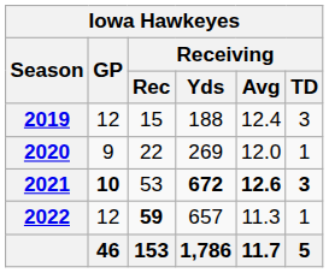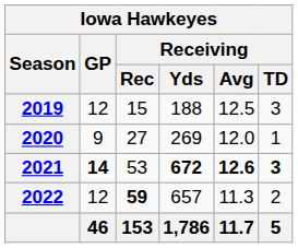 <table class=wikitable style="text-align:center;">
 <tr>
 <th colspan="6">Iowa Hawkeyes</th>
 </tr>
 <tr>
 <th rowspan="2">Season</th>
 <th rowspan="2">GP</th>
 <th colspan="4">Receiving</th>
 </tr>
 <tr>
 <th>Rec</th>
 <th>Yds</th>
 <th>Avg</th>
 <th>TD</th>
 </tr>
 <tr>
 <th><a href='#'>2019</a></th>
 <td>12</td>
 <td>15</td>
 <td>188</td>
-<td>12.4</td>
+<td>12.5</td>
 <td>3</td>
 </tr>
 <tr>
 <th><a href='#'>2020</a></th>
 <td>9</td>
-<td>22</td>
+<td>27</td>
 <td>269</td>
 <td>12.0</td>
 <td>1</td>
 </tr>
 <tr>
 <th><a href='#'>2021</a></th>
-<td><strong>10</strong></td>
+<td><strong>14</strong></td>
 <td>53</td>
 <td><strong>672</strong></td>
 <td><strong>12.6</strong></td>
 <td><strong>3</strong></td>
 </tr>
 <tr>
 <th><a href='#'>2022</a></th>
 <td>12</td>
 <td><strong>59</strong></td>
 <td>657</td>
 <td>11.3</td>
-<td>1</td>
+<td>2</td>
 </tr>
 <tr>
 <th></th>
 <th>46</th>
 <th>153</th>
 <th>1,786</th>
 <th>11.7</th>
 <th>5</th>
 </tr>
 </table>
